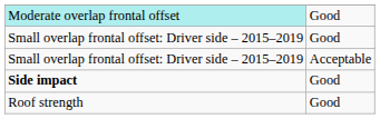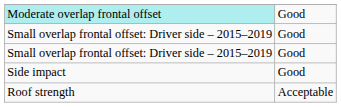 <table class="wikitable">
 <tr>
 </tr>
 <tr>
 <td style="background: paleturquoise;">Moderate overlap frontal offset</td>
 <td>Good</td>
 </tr>
 <tr>
 <td>Small overlap frontal offset: Driver side – 2015–2019</td>
 <td>Good</td>
 </tr>
 <tr>
 <td>Small overlap frontal offset: Driver side – 2015–2019</td>
-<td>Acceptable</td>
+<td>Good</td>
 </tr>
 <tr>
-<td><strong>Side impact</strong></td>
+<td>Side impact</td>
 <td>Good</td>
 </tr>
 <tr>
 <td>Roof strength</td>
-<td>Good</td>
+<td>Acceptable</td>
 </tr>
 </table>
